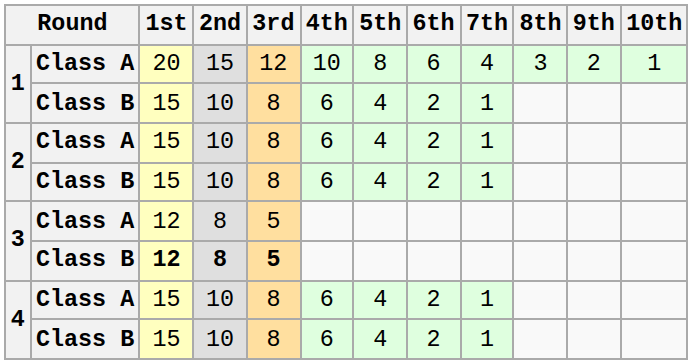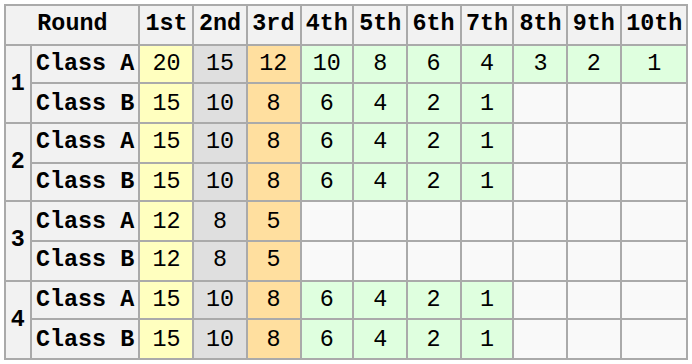 <table class="wikitable" style="font-size:90%; text-align:center;">
 <tr>
 <th colspan=2>Round</th>
 <th>1st</th>
 <th>2nd</th>
 <th>3rd</th>
 <th>4th</th>
 <th>5th</th>
 <th>6th</th>
 <th>7th</th>
 <th>8th</th>
 <th>9th</th>
 <th>10th</th>
 </tr>
 <tr>
 <th rowspan=2>1</th>
 <th>Class A</th>
 <td style="background:#ffffbf;">20</td>
 <td style="background:#dfdfdf;">15</td>
 <td style="background:#ffdf9f;">12</td>
 <td style="background:#dfffdf;">10</td>
 <td style="background:#dfffdf;">8</td>
 <td style="background:#dfffdf;">6</td>
 <td style="background:#dfffdf;">4</td>
 <td style="background:#dfffdf;">3</td>
 <td style="background:#dfffdf;">2</td>
 <td style="background:#dfffdf;">1</td>
 </tr>
 <tr>
 <th>Class B</th>
 <td style="background:#ffffbf;">15</td>
 <td style="background:#dfdfdf;">10</td>
 <td style="background:#ffdf9f;">8</td>
 <td style="background:#dfffdf;">6</td>
 <td style="background:#dfffdf;">4</td>
 <td style="background:#dfffdf;">2</td>
 <td style="background:#dfffdf;">1</td>
 <td></td>
 <td></td>
 <td></td>
 </tr>
 <tr>
 <th rowspan=2>2</th>
 <th>Class A</th>
 <td style="background:#ffffbf;">15</td>
 <td style="background:#dfdfdf;">10</td>
 <td style="background:#ffdf9f;">8</td>
 <td style="background:#dfffdf;">6</td>
 <td style="background:#dfffdf;">4</td>
 <td style="background:#dfffdf;">2</td>
 <td style="background:#dfffdf;">1</td>
 <td></td>
 <td></td>
 <td></td>
 </tr>
 <tr>
 <th>Class B</th>
 <td style="background:#ffffbf;">15</td>
 <td style="background:#dfdfdf;">10</td>
 <td style="background:#ffdf9f;">8</td>
 <td style="background:#dfffdf;">6</td>
 <td style="background:#dfffdf;">4</td>
 <td style="background:#dfffdf;">2</td>
 <td style="background:#dfffdf;">1</td>
 <td></td>
 <td></td>
 <td></td>
 </tr>
 <tr>
 <th rowspan=2>3</th>
 <th>Class A</th>
 <td style="background:#ffffbf;">12</td>
 <td style="background:#dfdfdf;">8</td>
 <td style="background:#ffdf9f;">5</td>
 <td></td>
 <td></td>
 <td></td>
 <td></td>
 <td></td>
 <td></td>
 <td></td>
 </tr>
 <tr>
 <th>Class B</th>
-<td style="background:#ffffbf;"><strong>12</strong></td>
-<td style="background:#dfdfdf;"><strong>8</strong></td>
-<td style="background:#ffdf9f;"><strong>5</strong></td>
+<td style="background:#ffffbf;">12</td>
+<td style="background:#dfdfdf;">8</td>
+<td style="background:#ffdf9f;">5</td>
 <td></td>
 <td></td>
 <td></td>
 <td></td>
 <td></td>
 <td></td>
 <td></td>
 </tr>
 <tr>
 <th rowspan=2>4</th>
 <th>Class A</th>
 <td style="background:#ffffbf;">15</td>
 <td style="background:#dfdfdf;">10</td>
 <td style="background:#ffdf9f;">8</td>
 <td style="background:#dfffdf;">6</td>
 <td style="background:#dfffdf;">4</td>
 <td style="background:#dfffdf;">2</td>
 <td style="background:#dfffdf;">1</td>
 <td></td>
 <td></td>
 <td></td>
 </tr>
 <tr>
 <th>Class B</th>
 <td style="background:#ffffbf;">15</td>
 <td style="background:#dfdfdf;">10</td>
 <td style="background:#ffdf9f;">8</td>
 <td style="background:#dfffdf;">6</td>
 <td style="background:#dfffdf;">4</td>
 <td style="background:#dfffdf;">2</td>
 <td style="background:#dfffdf;">1</td>
 <td></td>
 <td></td>
 <td></td>
 </tr>
 </table>
